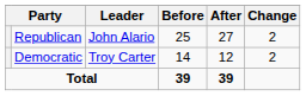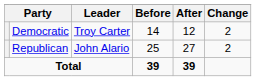 <table class="wikitable" style="text-align:center;">
 <tr>
 </tr>
 <tr>
 <th colspan=2>Party</th>
 <th>Leader</th>
 <th>Before</th>
 <th>After</th>
 <th>Change</th>
 </tr>
 <tr>
 <th style="background-color:"></th>
+<td style="text-align:left;"><a href='#'>Democratic</a></td>
+<td style="text-align:left;"><a href='#'>Troy Carter</a></td>
+<td>14</td>
+<td>12</td>
+<td> 2</td>
+</tr>
+<tr>
+<th style="background-color:"></th>
 <td style="text-align:left;"><a href='#'>Republican</a></td>
 <td style="text-align:left;"><a href='#'>John Alario</a></td>
 <td>25</td>
 <td>27</td>
-<td> 2</td>
-</tr>
-<tr>
-<th style="background-color:"></th>
-<td style="text-align:left;"><a href='#'>Democratic</a></td>
-<td style="text-align:left;"><a href='#'>Troy Carter</a></td>
-<td>14</td>
-<td>12</td>
 <td> 2</td>
 </tr>
 <tr>
 <td colspan=3><strong>Total</strong></td>
 <td><strong>39</strong></td>
 <td><strong>39</strong></td>
 </tr>
 </table>
